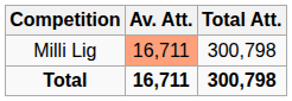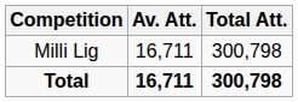 <table class="wikitable" style="text-align: center">
 <tr>
 <th>Competition</th>
 <th>Av. Att.</th>
 <th>Total Att.</th>
 </tr>
 <tr>
 <td>Milli Lig</td>
-<td style="background: lightsalmon;">16,711</td>
+<td>16,711</td>
 <td>300,798</td>
 </tr>
 <tr>
 <td><strong>Total</strong></td>
 <td><strong> 16,711</strong></td>
 <td><strong>300,798</strong></td>
 </tr>
 <tr>
 </tr>
 </table>
